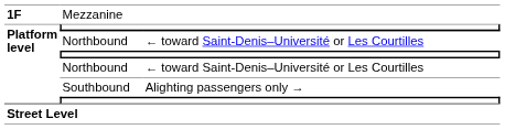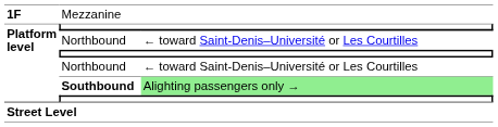 <table cellspacing="0" cellpadding="3" border="0">
 <tr>
 <td data-darkreader-inline-border-top="" style="border-top:solid 1px gray;" width="50" valign="top"><strong>1F</strong></td>
 <td colspan="2" data-darkreader-inline-border-top="" style="border-top:solid 1px gray;" width="100" valign="top">Mezzanine</td>
 </tr>
 <tr>
 <td rowspan="6" data-darkreader-inline-border-top="" data-darkreader-inline-border-bottom="" style="border-top:solid 1px gray;border-bottom:solid 1px gray;" width="50" valign="top"><strong>Platform level</strong></td>
 <td colspan="2" data-darkreader-inline-border-bottom="" data-darkreader-inline-border-left="" data-darkreader-inline-border-right="" data-darkreader-inline-border-top="" style="border-top:solid 1px gray;border-right:solid 2px black;border-left:solid 2px black;border-bottom:solid 2px black;text-align:center;"></td>
 </tr>
 <tr>
 <td data-darkreader-inline-border-top="" style="border-top:solid 1px gray;">Northbound</td>
 <td data-darkreader-inline-border-top="" style="border-top:solid 1px gray;">←   toward <a href='#'>Saint-Denis–Université</a> or <a href='#'>Les Courtilles</a> </td>
 </tr>
 <tr>
 <td colspan="2" data-darkreader-inline-border-top="" data-darkreader-inline-border-right="" data-darkreader-inline-border-left="" data-darkreader-inline-border-bottom="" style="border-top:solid 2px black;border-right:solid 2px black;border-left:solid 2px black;border-bottom:solid 2px black;text-align:center;"></td>
 </tr>
 <tr>
 <td data-darkreader-inline-border-bottom="" style="border-bottom:solid 1px gray;" width="100">Northbound</td>
 <td data-darkreader-inline-border-bottom="" style="border-bottom:solid 1px gray;" width="450">←   toward Saint-Denis–Université or Les Courtilles </td>
 </tr>
 <tr>
-<td>Southbound</td>
-<td>  Alighting passengers only →</td>
+<td><strong>Southbound</strong></td>
+<td style="background: lightgreen;">  Alighting passengers only →</td>
 </tr>
 <tr>
 <td colspan="2" data-darkreader-inline-border-bottom="" data-darkreader-inline-border-left="" data-darkreader-inline-border-right="" data-darkreader-inline-border-top="" style="border-top:solid 2px black;border-right:solid 2px black;border-left:solid 2px black;border-bottom:solid 1px gray;text-align:center;"></td>
 </tr>
 <tr>
 <td colspan="3" data-darkreader-inline-border-top="" data-darkreader-inline-border-bottom="" style="border-bottom:solid 1px gray;border-top:solid 1px gray;" width="50" valign="top"><strong>Street Level</strong></td>
 </tr>
 </table>
